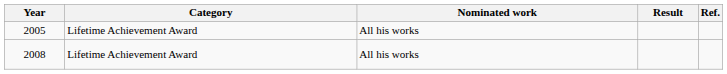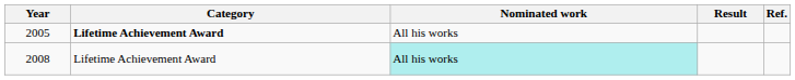 <table class="wikitable">
 <tr>
 <th scope="col" style="width:5em;">Year</th>
 <th scope="col" style="width:26em;">Category</th>
 <th scope="col" style="width:25em;">Nominated work</th>
 <th scope="col" style="width:5em;">Result</th>
 <th>Ref.</th>
 </tr>
 <tr>
 <td style="text-align:center;">2005</td>
-<td>Lifetime Achievement Award</td>
+<td><strong>Lifetime Achievement Award</strong></td>
 <td>All his works</td>
 <td></td>
 <td></td>
 </tr>
 <tr>
 <td style="text-align:center;">2008</td>
 <td>Lifetime Achievement Award</td>
-<td>All his works</td>
+<td style="background: paleturquoise;">All his works</td>
 <td></td>
 <td><br><br></td>
 </tr>
 </table>
